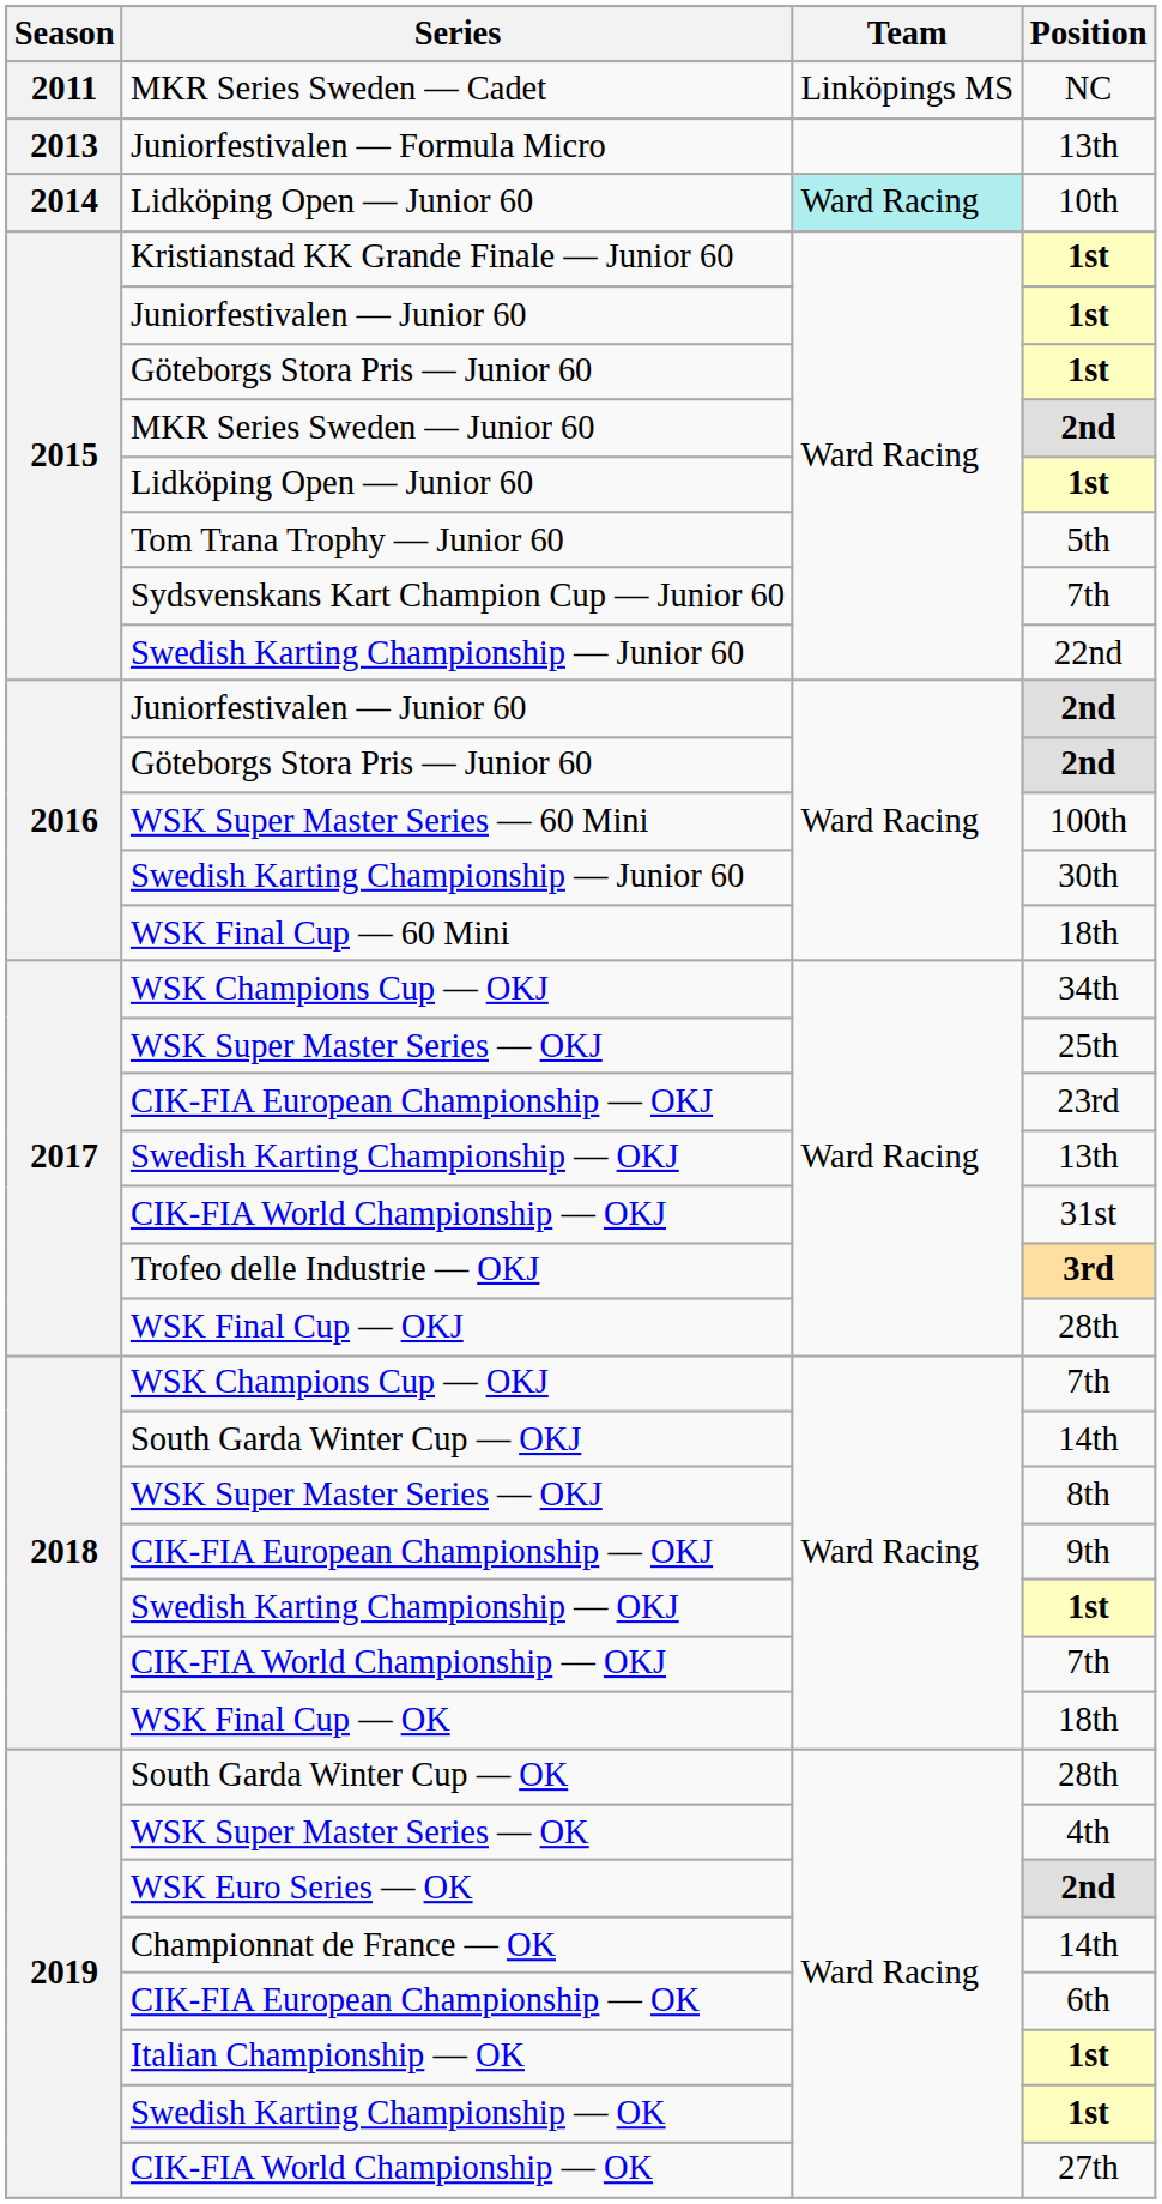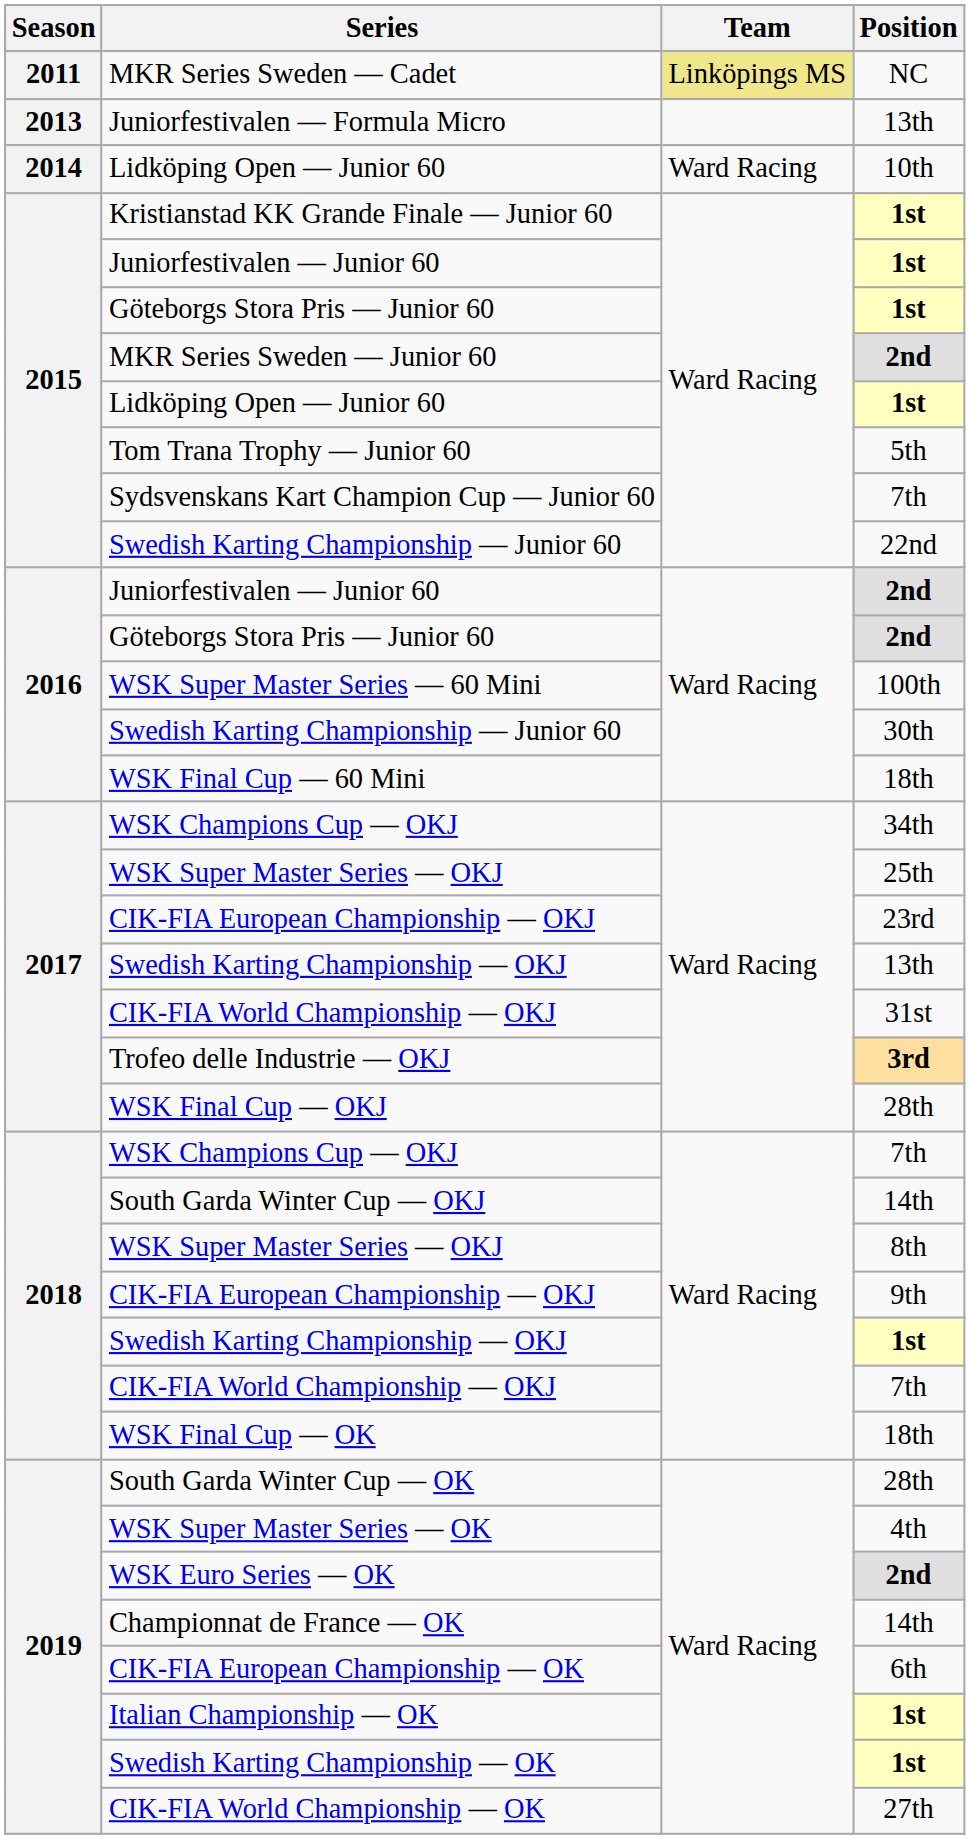 <table class="wikitable" style="font-size: 85%; text-align:center">
 <tr>
 <th>Season</th>
 <th>Series</th>
 <th>Team</th>
 <th>Position</th>
 </tr>
 <tr>
 <th>2011</th>
 <td align="left">MKR Series Sweden — Cadet</td>
-<td align="left">Linköpings MS</td>
+<td align="left" style="background: khaki;">Linköpings MS</td>
 <td>NC</td>
 </tr>
 <tr>
 <th>2013</th>
 <td align="left">Juniorfestivalen — Formula Micro</td>
 <td align="left"></td>
 <td>13th</td>
 </tr>
 <tr>
 <th>2014</th>
 <td align="left">Lidköping Open — Junior 60</td>
-<td align="left" style="background: paleturquoise;">Ward Racing</td>
+<td align="left">Ward Racing</td>
 <td>10th</td>
 </tr>
 <tr>
 <th rowspan="8">2015</th>
 <td align="left">Kristianstad KK Grande Finale — Junior 60</td>
 <td rowspan="8" align="left">Ward Racing</td>
 <td style="background:#FFFFBF;"><strong>1st</strong></td>
 </tr>
 <tr>
 <td align="left">Juniorfestivalen — Junior 60</td>
 <td style="background:#FFFFBF;"><strong>1st</strong></td>
 </tr>
 <tr>
 <td align="left">Göteborgs Stora Pris — Junior 60</td>
 <td style="background:#FFFFBF;"><strong>1st</strong></td>
 </tr>
 <tr>
 <td align="left">MKR Series Sweden — Junior 60</td>
 <td style="background:#DFDFDF;"><strong>2nd</strong></td>
 </tr>
 <tr>
 <td align="left">Lidköping Open — Junior 60</td>
 <td style="background:#FFFFBF;"><strong>1st</strong></td>
 </tr>
 <tr>
 <td align="left">Tom Trana Trophy — Junior 60</td>
 <td>5th</td>
 </tr>
 <tr>
 <td align="left">Sydsvenskans Kart Champion Cup — Junior 60</td>
 <td>7th</td>
 </tr>
 <tr>
 <td align="left"><a href='#'>Swedish Karting Championship</a> — Junior 60</td>
 <td>22nd</td>
 </tr>
 <tr>
 <th rowspan="5">2016</th>
 <td align="left">Juniorfestivalen — Junior 60</td>
 <td rowspan="5"  align="left">Ward Racing</td>
 <td style="background:#DFDFDF;"><strong>2nd</strong></td>
 </tr>
 <tr>
 <td align="left">Göteborgs Stora Pris — Junior 60</td>
 <td style="background:#DFDFDF;"><strong>2nd</strong></td>
 </tr>
 <tr>
 <td align="left"><a href='#'>WSK Super Master Series</a> — 60 Mini</td>
 <td>100th</td>
 </tr>
 <tr>
 <td align="left"><a href='#'>Swedish Karting Championship</a> — Junior 60</td>
 <td>30th</td>
 </tr>
 <tr>
 <td align="left"><a href='#'>WSK Final Cup</a> — 60 Mini</td>
 <td>18th</td>
 </tr>
 <tr>
 <th rowspan="7">2017</th>
 <td align="left"><a href='#'>WSK Champions Cup</a> — <a href='#'>OKJ</a></td>
 <td rowspan="7" align="left">Ward Racing</td>
 <td>34th</td>
 </tr>
 <tr>
 <td align="left"><a href='#'>WSK Super Master Series</a> — <a href='#'>OKJ</a></td>
 <td>25th</td>
 </tr>
 <tr>
 <td align="left"><a href='#'>CIK-FIA European Championship</a> — <a href='#'>OKJ</a></td>
 <td>23rd</td>
 </tr>
 <tr>
 <td align="left"><a href='#'>Swedish Karting Championship</a> — <a href='#'>OKJ</a></td>
 <td>13th</td>
 </tr>
 <tr>
 <td align="left"><a href='#'>CIK-FIA World Championship</a> — <a href='#'>OKJ</a></td>
 <td>31st</td>
 </tr>
 <tr>
 <td align="left">Trofeo delle Industrie — <a href='#'>OKJ</a></td>
 <td style="background:#FFDF9F;"><strong>3rd</strong></td>
 </tr>
 <tr>
 <td align="left"><a href='#'>WSK Final Cup</a> — <a href='#'>OKJ</a></td>
 <td>28th</td>
 </tr>
 <tr>
 <th rowspan="7">2018</th>
 <td align="left"><a href='#'>WSK Champions Cup</a> — <a href='#'>OKJ</a></td>
 <td rowspan="7"  align="left">Ward Racing</td>
 <td>7th</td>
 </tr>
 <tr>
 <td align="left">South Garda Winter Cup — <a href='#'>OKJ</a></td>
 <td>14th</td>
 </tr>
 <tr>
 <td align="left"><a href='#'>WSK Super Master Series</a> — <a href='#'>OKJ</a></td>
 <td>8th</td>
 </tr>
 <tr>
 <td align="left"><a href='#'>CIK-FIA European Championship</a> — <a href='#'>OKJ</a></td>
 <td>9th</td>
 </tr>
 <tr>
 <td align="left"><a href='#'>Swedish Karting Championship</a> — <a href='#'>OKJ</a></td>
 <td style="background:#FFFFBF;"><strong>1st</strong></td>
 </tr>
 <tr>
 <td align="left"><a href='#'>CIK-FIA World Championship</a> — <a href='#'>OKJ</a></td>
 <td>7th</td>
 </tr>
 <tr>
 <td align="left"><a href='#'>WSK Final Cup</a> — <a href='#'>OK</a></td>
 <td>18th</td>
 </tr>
 <tr>
 <th rowspan="8">2019</th>
 <td align="left">South Garda Winter Cup — <a href='#'>OK</a></td>
 <td rowspan="8"  align="left">Ward Racing</td>
 <td>28th</td>
 </tr>
 <tr>
 <td align="left"><a href='#'>WSK Super Master Series</a> — <a href='#'>OK</a></td>
 <td>4th</td>
 </tr>
 <tr>
 <td align="left"><a href='#'>WSK Euro Series</a> — <a href='#'>OK</a></td>
 <td style="background:#DFDFDF;"><strong>2nd</strong></td>
 </tr>
 <tr>
 <td align="left">Championnat de France — <a href='#'>OK</a></td>
 <td>14th</td>
 </tr>
 <tr>
 <td align="left"><a href='#'>CIK-FIA European Championship</a> — <a href='#'>OK</a></td>
 <td>6th</td>
 </tr>
 <tr>
 <td align="left"><a href='#'>Italian Championship</a> — <a href='#'>OK</a></td>
 <td style="background:#FFFFBF;"><strong>1st</strong></td>
 </tr>
 <tr>
 <td align="left"><a href='#'>Swedish Karting Championship</a> — <a href='#'>OK</a></td>
 <td style="background:#FFFFBF;"><strong>1st</strong></td>
 </tr>
 <tr>
 <td align="left"><a href='#'>CIK-FIA World Championship</a> — <a href='#'>OK</a></td>
 <td>27th</td>
 </tr>
 </table>
